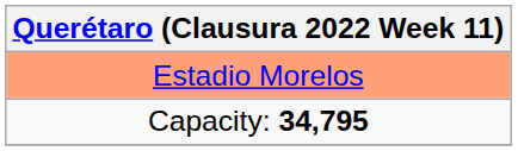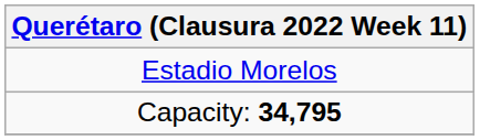 <table class="wikitable" style="text-align:center">
 <tr>
 <th><a href='#'>Querétaro</a> (Clausura 2022 Week 11)</th>
 </tr>
 <tr>
-<td style="background: lightsalmon;"><a href='#'>Estadio Morelos</a></td>
+<td><a href='#'>Estadio Morelos</a></td>
 </tr>
 <tr>
 <td>Capacity: <strong>34,795</strong></td>
 </tr>
 <tr>
 </tr>
 </table>
